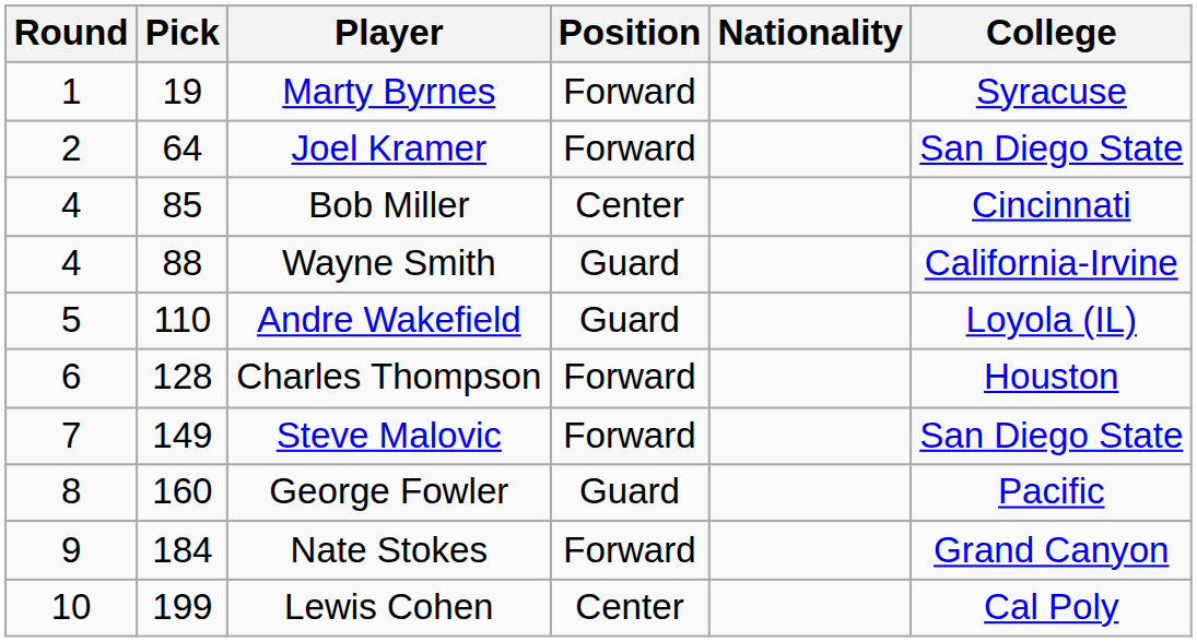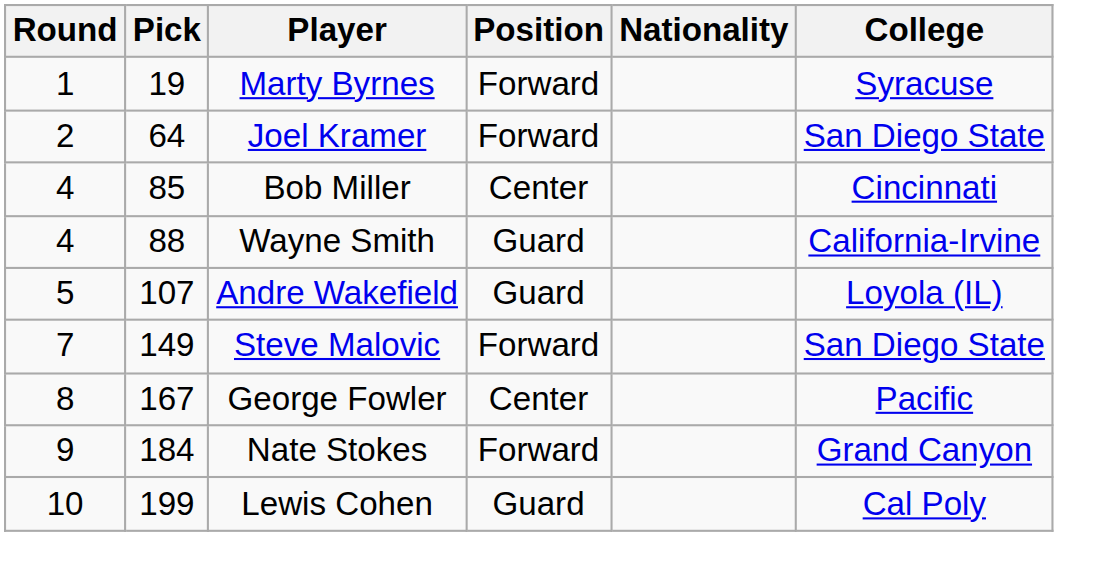 <table class="wikitable sortable sortable">
 <tr>
 <th>Round</th>
 <th>Pick</th>
 <th>Player</th>
 <th>Position</th>
 <th>Nationality</th>
 <th>College</th>
 </tr>
 <tr style="text-align: center">
 <td>1</td>
 <td>19</td>
 <td><a href='#'>Marty Byrnes</a></td>
 <td>Forward</td>
 <td></td>
 <td><a href='#'>Syracuse</a></td>
 </tr>
 <tr style="text-align: center">
 <td>2</td>
 <td>64</td>
 <td><a href='#'>Joel Kramer</a></td>
 <td>Forward</td>
 <td></td>
 <td><a href='#'>San Diego State</a></td>
 </tr>
 <tr style="text-align: center">
 <td>4</td>
 <td>85</td>
 <td>Bob Miller</td>
 <td>Center</td>
 <td></td>
 <td><a href='#'>Cincinnati</a></td>
 </tr>
 <tr style="text-align: center">
 <td>4</td>
 <td>88</td>
 <td>Wayne Smith</td>
 <td>Guard</td>
 <td></td>
 <td><a href='#'>California-Irvine</a></td>
 </tr>
 <tr style="text-align: center">
 <td>5</td>
-<td>110</td>
+<td>107</td>
 <td><a href='#'>Andre Wakefield</a></td>
 <td>Guard</td>
 <td></td>
 <td><a href='#'>Loyola (IL)</a></td>
-</tr>
-<tr style="text-align: center">
-<td>6</td>
-<td>128</td>
-<td>Charles Thompson</td>
-<td>Forward</td>
-<td></td>
-<td><a href='#'>Houston</a></td>
 </tr>
 <tr style="text-align: center">
 <td>7</td>
 <td>149</td>
 <td><a href='#'>Steve Malovic</a></td>
 <td>Forward</td>
 <td></td>
 <td><a href='#'>San Diego State</a></td>
 </tr>
 <tr style="text-align: center">
 <td>8</td>
-<td>160</td>
+<td>167</td>
 <td>George Fowler</td>
-<td>Guard</td>
+<td>Center</td>
 <td></td>
 <td><a href='#'>Pacific</a></td>
 </tr>
 <tr style="text-align: center">
 <td>9</td>
 <td>184</td>
 <td>Nate Stokes</td>
 <td>Forward</td>
 <td></td>
 <td><a href='#'>Grand Canyon</a></td>
 </tr>
 <tr style="text-align: center">
 <td>10</td>
 <td>199</td>
 <td>Lewis Cohen</td>
-<td>Center</td>
+<td>Guard</td>
 <td></td>
 <td><a href='#'>Cal Poly</a></td>
 </tr>
 </table>
